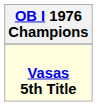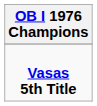 <table class="wikitable" style="text-align: center; margin: 0 auto;">
 <tr>
 <th><a href='#'>OB I</a> 1976<br>Champions</th>
 </tr>
 <tr>
 </tr>
 <tr>
-<td style="background: lightyellow;"> <br><strong><a href='#'>Vasas</a></strong><br><strong>5th Title</strong></td>
+<td> <br><strong><a href='#'>Vasas</a></strong><br><strong>5th Title</strong></td>
 </tr>
 </table>
